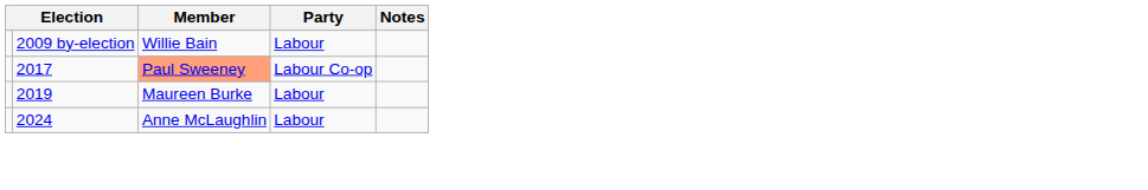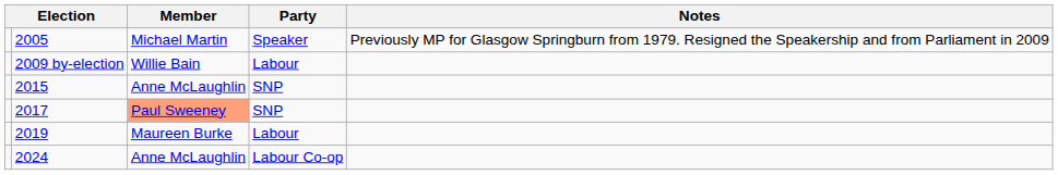 <table class="wikitable">
 <tr>
 <th colspan="2">Election</th>
 <th>Member</th>
 <th>Party</th>
 <th>Notes</th>
+</tr>
+<tr>
+<td style="color:inherit;background-color: "></td>
+<td><a href='#'>2005</a></td>
+<td><a href='#'>Michael Martin</a></td>
+<td><a href='#'>Speaker</a></td>
+<td>Previously MP for Glasgow Springburn from 1979.  Resigned the Speakership and from Parliament in 2009</td>
 </tr>
 <tr>
 <td style="color:inherit;background-color: "></td>
 <td><a href='#'>2009 by-election</a></td>
 <td><a href='#'>Willie Bain</a></td>
 <td><a href='#'>Labour</a></td>
 <td></td>
 </tr>
 <tr>
 <td style="color:inherit;background-color: "></td>
+<td><a href='#'>2015</a></td>
+<td><a href='#'>Anne McLaughlin</a></td>
+<td><a href='#'>SNP</a></td>
+<td></td>
+</tr>
+<tr>
+<td style="color:inherit;background-color: "></td>
 <td><a href='#'>2017</a></td>
 <td style="background: lightsalmon;"><a href='#'>Paul Sweeney</a></td>
-<td><a href='#'>Labour Co-op</a></td>
+<td><a href='#'>SNP</a></td>
 <td></td>
 </tr>
 <tr>
 <td style="color:inherit;background-color: "></td>
 <td><a href='#'>2019</a></td>
 <td><a href='#'>Maureen Burke</a></td>
 <td><a href='#'>Labour</a></td>
 <td></td>
 </tr>
 <tr>
 <td style="color:inherit;background-color: "></td>
 <td><a href='#'>2024</a></td>
 <td><a href='#'>Anne McLaughlin</a></td>
-<td><a href='#'>Labour</a></td>
+<td><a href='#'>Labour Co-op</a></td>
 </tr>
 </table>
